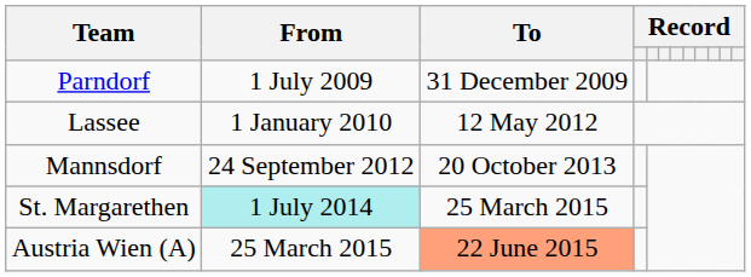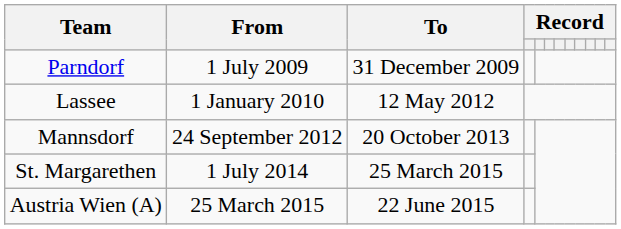 <table class="wikitable" style="text-align: center">
 <tr>
 <th rowspan="2">Team</th>
 <th rowspan="2">From</th>
 <th rowspan="2">To</th>
 <th colspan="9">Record</th>
 </tr>
 <tr>
 <th></th>
 <th></th>
 <th></th>
 <th></th>
 <th></th>
 <th></th>
 <th></th>
 <th></th>
 <th></th>
 </tr>
 <tr>
 <td><a href='#'>Parndorf</a></td>
 <td>1 July 2009</td>
 <td>31 December 2009<br></td>
 <td></td>
 </tr>
 <tr>
 <td>Lassee</td>
 <td>1 January 2010</td>
 <td>12 May 2012<br></td>
 <td colspan="9"></td>
 </tr>
 <tr>
 <td>Mannsdorf</td>
 <td>24 September 2012</td>
 <td>20 October 2013<br></td>
 <td></td>
 </tr>
 <tr>
 <td>St. Margarethen</td>
-<td style="background: paleturquoise;">1 July 2014</td>
+<td>1 July 2014</td>
 <td>25 March 2015<br></td>
 <td></td>
 </tr>
 <tr>
 <td>Austria Wien (A)</td>
 <td>25 March 2015</td>
-<td style="background: lightsalmon;">22 June 2015<br></td>
+<td>22 June 2015<br></td>
 <td></td>
 </tr>
 </table>
